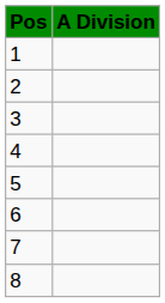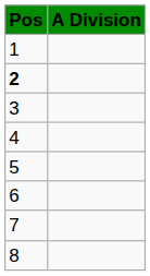 <table class="wikitable" style="margin:0.5em auto; font-size:95%">
 <tr bgcolor="#008B00">
 <td><strong>Pos</strong></td>
 <td><strong>A Division</strong></td>
 </tr>
 <tr>
 <td>1</td>
 <td></td>
 </tr>
 <tr>
-<td>2</td>
+<td><strong>2</strong></td>
 <td></td>
 </tr>
 <tr>
 <td>3</td>
 <td></td>
 </tr>
 <tr>
 <td>4</td>
 <td></td>
 </tr>
 <tr>
 <td>5</td>
 <td></td>
 </tr>
 <tr>
 <td>6</td>
 <td></td>
 </tr>
 <tr>
 <td>7</td>
 <td></td>
 </tr>
 <tr>
 <td>8</td>
 <td></td>
 </tr>
 </table>
